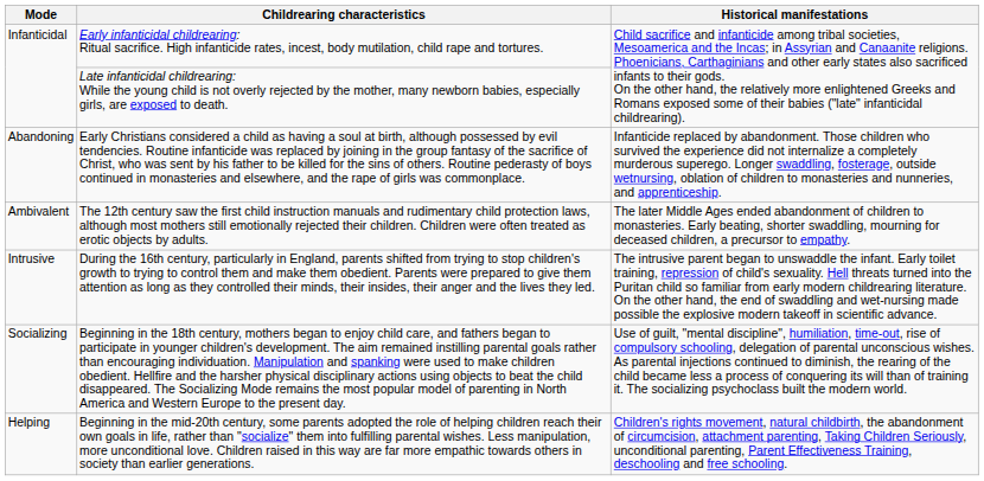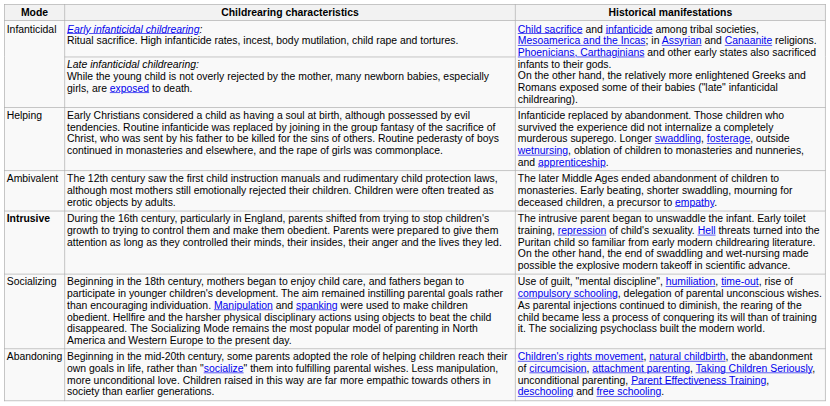 <table class="wikitable" width="100%">
 <tr>
 <th>Mode</th>
 <th>Childrearing characteristics</th>
 <th>Historical manifestations</th>
 </tr>
 <tr>
 <td rowspan="2" valign="top">Infanticidal</td>
 <td valign="top"><em><a href='#'>Early infanticidal childrearing</a>:</em><br>Ritual sacrifice. High infanticide rates, incest, body mutilation, child rape and tortures.</td>
 <td rowspan="2"><a href='#'>Child sacrifice</a> and <a href='#'>infanticide</a> among tribal societies, <a href='#'>Mesoamerica and the Incas</a>; in <a href='#'>Assyrian</a> and <a href='#'>Canaanite</a> religions. <a href='#'>Phoenicians, Carthaginians</a> and other early states also sacrificed infants to their gods.<br>On the other hand, the relatively more enlightened Greeks and Romans exposed some of their babies ("late" infanticidal childrearing).</td>
 </tr>
 <tr>
 <td valign="top"><em>Late infanticidal childrearing:</em><br>While the young child is not overly rejected by the mother, many newborn babies, especially girls, are <a href='#'>exposed</a> to death.</td>
 </tr>
 <tr>
-<td valign="top">Abandoning</td>
+<td valign="top">Helping</td>
 <td valign="top">Early Christians considered a child as having a soul at birth, although possessed by evil tendencies. Routine infanticide was replaced by joining in the group fantasy of the sacrifice of Christ, who was sent by his father to be killed for the sins of others. Routine pederasty of boys continued in monasteries and elsewhere, and the rape of girls was commonplace.</td>
 <td valign="top">Infanticide replaced by abandonment. Those children who survived the experience did not internalize a completely murderous superego. Longer <a href='#'>swaddling</a>, <a href='#'>fosterage</a>, outside <a href='#'>wetnursing</a>, oblation of children to monasteries and nunneries, and <a href='#'>apprenticeship</a>.</td>
 </tr>
 <tr>
 <td valign="top">Ambivalent</td>
 <td valign="top">The 12th century saw the first child instruction manuals and rudimentary child protection laws, although most mothers still emotionally rejected their children.  Children were often treated as erotic objects by adults.</td>
 <td valign="top">The later Middle Ages ended abandonment of children to monasteries. Early beating, shorter swaddling, mourning for deceased children, a precursor to <a href='#'>empathy</a>.</td>
 </tr>
 <tr>
-<td valign="top">Intrusive</td>
+<td valign="top"><strong>Intrusive</strong></td>
 <td valign="top">During the 16th century, particularly in England, parents shifted from trying to stop children's growth to trying to control them and make them obedient. Parents were prepared to give them attention as long as they controlled their minds, their insides, their anger and the lives they led.</td>
 <td valign="top">The intrusive parent began to unswaddle the infant. Early toilet training, <a href='#'>repression</a> of child's sexuality. <a href='#'>Hell</a> threats turned into the Puritan child so familiar from early modern childrearing literature. On the other hand, the end of swaddling and wet-nursing made possible the explosive modern takeoff in scientific advance.</td>
 </tr>
 <tr>
 <td valign="top">Socializing</td>
 <td valign="top">Beginning in the 18th century, mothers began to enjoy child care, and fathers began to participate in younger children's development. The aim remained instilling parental goals rather than encouraging individuation. <a href='#'>Manipulation</a> and <a href='#'>spanking</a> were used to make children obedient. Hellfire and the harsher physical disciplinary actions using objects to beat the child disappeared.  The Socializing Mode remains the most popular model of parenting in North America and Western Europe to the present day.</td>
 <td valign="top">Use of guilt, "mental discipline", <a href='#'>humiliation</a>, <a href='#'>time-out</a>, rise of <a href='#'>compulsory schooling</a>, delegation of parental unconscious wishes. As parental injections continued to diminish, the rearing of the child became less a process of conquering its will than of training it. The socializing psychoclass built the modern world.</td>
 </tr>
 <tr>
-<td valign="top">Helping</td>
+<td valign="top">Abandoning</td>
 <td valign="top">Beginning in the mid-20th century, some parents adopted the role of helping children reach their own goals in life, rather than "<a href='#'>socialize</a>" them into fulfilling parental wishes. Less manipulation, more unconditional love. Children raised in this way are far more empathic towards others in society than earlier generations.</td>
 <td valign="top"><a href='#'>Children's rights movement</a>, <a href='#'>natural childbirth</a>, the abandonment of <a href='#'>circumcision</a>, <a href='#'>attachment parenting</a>, <a href='#'>Taking Children Seriously</a>, unconditional parenting, <a href='#'>Parent Effectiveness Training</a>, <a href='#'>deschooling</a> and <a href='#'>free schooling</a>.</td>
 </tr>
 </table>
